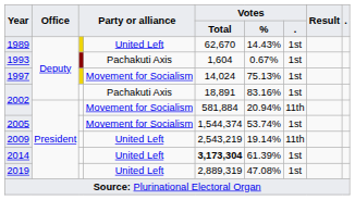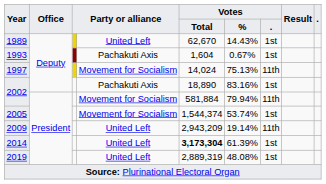 <table class="wikitable" style="font-size:90%; text-align:center;">
 <tr>
 <th style="background-color:#EAECF0;" rowspan=2>Year</th>
 <th style="background-color:#EAECF0;" rowspan=2>Office</th>
 <th style="background-color:#EAECF0;" colspan=2 rowspan=2>Party or alliance</th>
 <th style="background-color:#EAECF0;" colspan=3>Votes</th>
 <th style="background-color:#EAECF0;" rowspan=2>Result</th>
 <th style="background-color:#EAECF0;" rowspan=2>.</th>
 </tr>
 <tr>
 <th style="background-color:#EAECF0;">Total</th>
 <th style="background-color:#EAECF0;">%</th>
 <th style="background-color:#EAECF0;">.</th>
 </tr>
 <tr>
 <td style="background-color:#EAECF0;"><a href='#'>1989</a></td>
 <td rowspan=4><a href='#'>Deputy</a></td>
 <td style="background-color:#EFD508;"></td>
 <td><a href='#'>United Left</a></td>
 <td>62,670</td>
 <td>14.43%</td>
 <td>1st</td>
 <td></td>
 <td></td>
 </tr>
 <tr>
 <td style="background-color:#EAECF0;"><a href='#'>1993</a></td>
 <td style="background-color:#8B0000;"></td>
 <td>Pachakuti Axis</td>
 <td>1,604</td>
 <td>0.67%</td>
 <td>1st</td>
 <td></td>
 <td></td>
 </tr>
 <tr>
 <td style="background-color:#EAECF0;"><a href='#'>1997</a></td>
 <td style="background-color:#EFD508;"></td>
 <td><a href='#'>Movement for Socialism</a></td>
 <td>14,024</td>
 <td>75.13%</td>
-<td>1st</td>
+<td>11th</td>
 <td></td>
 <td></td>
 </tr>
 <tr>
 <td style="background-color:#EAECF0;" rowspan=2><a href='#'>2002</a></td>
 <td style="background-color:"></td>
 <td>Pachakuti Axis</td>
-<td>18,891</td>
+<td>18,890</td>
 <td>83.16%</td>
 <td>1st</td>
 <td></td>
 <td></td>
 </tr>
 <tr>
 <td rowspan=5><a href='#'>President</a></td>
 <td style="background-color:"></td>
 <td><a href='#'>Movement for Socialism</a></td>
 <td>581,884</td>
-<td>20.94%</td>
+<td>79.94%</td>
 <td>11th</td>
 <td></td>
 <td></td>
 </tr>
 <tr>
 <td style="background-color:#EAECF0;"><a href='#'>2005</a></td>
 <td style="background-color:"></td>
 <td><a href='#'>Movement for Socialism</a></td>
 <td>1,544,374</td>
 <td>53.74%</td>
 <td>1st</td>
 <td></td>
 <td></td>
 </tr>
 <tr>
 <td style="background-color:#EAECF0;"><a href='#'>2009</a></td>
 <td style="background-color:"></td>
 <td><a href='#'>United Left</a></td>
-<td>2,543,219</td>
+<td>2,943,209</td>
 <td>19.14%</td>
 <td>11th</td>
 <td></td>
 <td></td>
 </tr>
 <tr>
 <td style="background-color:#EAECF0;"><a href='#'>2014</a></td>
 <td style="background-color:"></td>
 <td><a href='#'>United Left</a></td>
 <td><strong>3,173,304</strong></td>
 <td>61.39%</td>
 <td>1st</td>
 <td></td>
 <td></td>
 </tr>
 <tr>
 <td style="background-color:#EAECF0;"><a href='#'>2019</a></td>
 <td style="background-color:"></td>
 <td><a href='#'>United Left</a></td>
 <td>2,889,319</td>
-<td>47.08%</td>
+<td>48.08%</td>
 <td>1st</td>
 <td></td>
 <td></td>
 </tr>
 <tr>
 <td style="background-color:#EAECF0;" colspan=9><strong>Source:</strong> <a href='#'>Plurinational Electoral Organ</a>  </td>
 </tr>
 </table>
